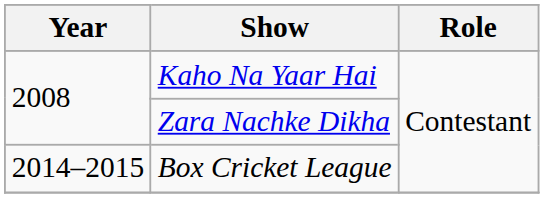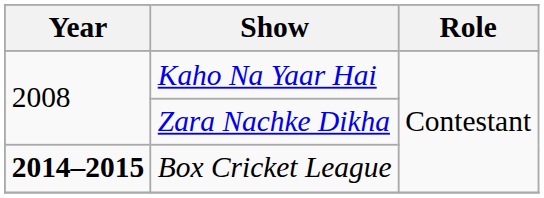 <table class="wikitable sortable">
 <tr>
 <th>Year</th>
 <th>Show</th>
 <th>Role</th>
 </tr>
 <tr>
 <td rowspan = "2">2008</td>
 <td><em><a href='#'>Kaho Na Yaar Hai</a></em></td>
 <td rowspan ="3">Contestant</td>
 </tr>
 <tr>
 <td><em><a href='#'>Zara Nachke Dikha</a></em></td>
 </tr>
 <tr>
-<td>2014–2015</td>
+<td><strong>2014–2015</strong></td>
 <td><em>Box Cricket League</em></td>
 </tr>
 <tr>
 </tr>
 </table>
